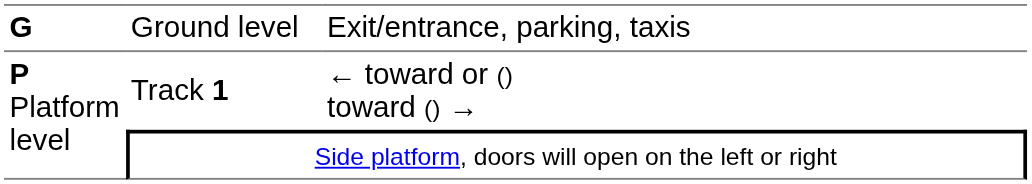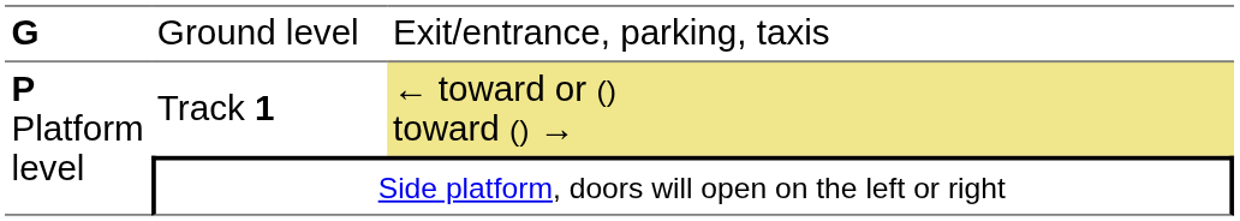 <table table border=0 cellspacing=0 cellpadding=3>
 <tr>
 <td style="border-top:solid 1px gray;" width=50><strong>G</strong></td>
 <td style="border-top:solid 1px gray;" width=100>Ground level</td>
 <td style="border-top:solid 1px gray;" width=375>Exit/entrance, parking, taxis</td>
 </tr>
 <tr>
 <td style="border-top:solid 1px gray;border-bottom:solid 1px gray;" rowspan=3 valign=top><strong>P</strong><br>Platform level</td>
 <td style="border-top:solid 1px gray;">Track <strong>1</strong></td>
-<td style="border-top:solid 1px gray;">←  toward  or  <small>()</small><br>  toward  <small>()</small> →</td>
+<td style="background: khaki; border-top:solid 1px gray;">←  toward  or  <small>()</small><br>  toward  <small>()</small> →</td>
 </tr>
 <tr>
 <td style="border-bottom:solid 1px gray;border-top:solid 2px black;border-right:solid 2px black;border-left:solid 2px black;text-align:center;" colspan=2><small><a href='#'>Side platform</a>, doors will open on the left or right</small> </td>
 </tr>
 </table>
